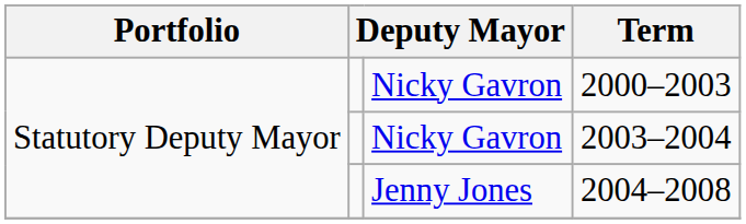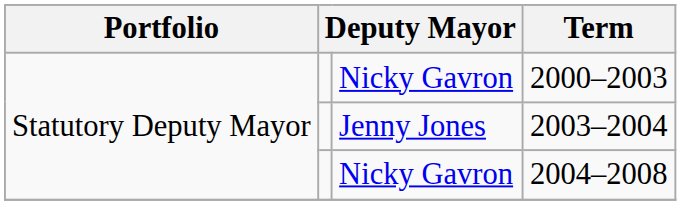 <table class="wikitable mw-collapsible">
 <tr>
 <th>Portfolio</th>
 <th colspan=2>Deputy Mayor</th>
 <th>Term</th>
 </tr>
 <tr>
 <td rowspan=3>Statutory Deputy Mayor</td>
 <td style="background-color: "></td>
 <td><a href='#'>Nicky Gavron</a> </td>
 <td>2000–2003</td>
 </tr>
 <tr>
 <td style="background-color: "></td>
-<td><a href='#'>Nicky Gavron</a> </td>
+<td><a href='#'>Jenny Jones</a> </td>
 <td>2003–2004</td>
 </tr>
 <tr>
 <td style="background-color: "></td>
-<td><a href='#'>Jenny Jones</a> </td>
+<td><a href='#'>Nicky Gavron</a> </td>
 <td>2004–2008</td>
 </tr>
 <tr>
 </tr>
 </table>
